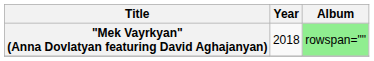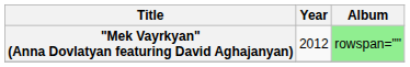 <table class="wikitable plainrowheaders" style="text-align:center;">
 <tr>
 <th scope="col">Title</th>
 <th scope="col">Year</th>
 <th scope="col">Album</th>
 </tr>
 <tr>
 <th scope="row">"Mek Vayrkyan"<br><span>(Anna Dovlatyan featuring David Aghajanyan)</span></th>
-<td>2018</td>
+<td>2012</td>
 <td style="background: lightgreen;">rowspan="" </td>
 </tr>
 <tr>
 </tr>
 </table>
